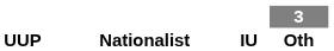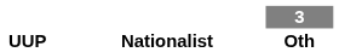 <table style="width:50%; text-align:center;">
 <tr style="color:white;">
 <td style="background:"><strong>39</strong></td>
 <td style="background:"><strong>8</strong></td>
-<td style="background:"><strong>2</strong></td>
 <td style="background:grey; width:5.76%%;"><strong>3</strong></td>
 </tr>
 <tr>
 <td><span><strong>UUP</strong></span></td>
 <td><span><strong>Nationalist</strong></span></td>
-<td><span><strong>IU</strong></span></td>
 <td><span><strong>Oth</strong></span></td>
 </tr>
 </table>
